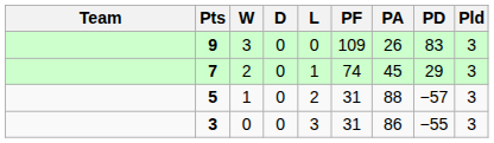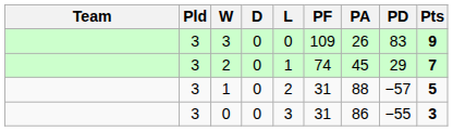 <table class="wikitable" style="text-align:center;">
 <tr>
 <th width=175>Team</th>
-<th width=25 abbr="Points">Pts</th>
+<th width=25 abbr="Played">Pld</th>
 <th width=25 abbr="Won">W</th>
 <th width=25 abbr="Drawn">D</th>
 <th width=25 abbr="Lost">L</th>
 <th width=32 abbr="Points for">PF</th>
 <th width=32 abbr="Points against">PA</th>
 <th width=32 abbr="Points difference">PD</th>
-<th width=25 abbr="Played">Pld</th>
+<th width=25 abbr="Points">Pts</th>
 </tr>
 <tr style="background:#cfc;">
 <td align=left></td>
-<td><strong>9</strong></td>
+<td>3</td>
 <td>3</td>
 <td>0</td>
 <td>0</td>
 <td>109</td>
 <td>26</td>
 <td>83</td>
-<td>3</td>
+<td><strong>9</strong></td>
 </tr>
 <tr style="background:#cfc;">
 <td align=left></td>
-<td><strong>7</strong></td>
+<td>3</td>
 <td>2</td>
 <td>0</td>
 <td>1</td>
 <td>74</td>
 <td>45</td>
 <td>29</td>
-<td>3</td>
+<td><strong>7</strong></td>
 </tr>
 <tr>
 <td align=left></td>
-<td><strong>5</strong></td>
+<td>3</td>
 <td>1</td>
 <td>0</td>
 <td>2</td>
 <td>31</td>
 <td>88</td>
 <td>−57</td>
-<td>3</td>
+<td><strong>5</strong></td>
 </tr>
 <tr>
 <td align=left></td>
-<td><strong>3</strong></td>
+<td>3</td>
 <td>0</td>
 <td>0</td>
 <td>3</td>
 <td>31</td>
 <td>86</td>
 <td>−55</td>
-<td>3</td>
+<td><strong>3</strong></td>
 </tr>
 </table>
